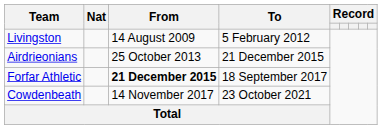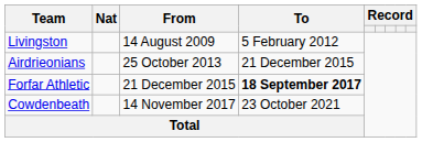 <table class="wikitable" style="text-align: center">
 <tr>
 <th rowspan="2">Team</th>
 <th rowspan="2">Nat</th>
 <th rowspan="2">From</th>
 <th rowspan="2">To</th>
 <th colspan=5>Record</th>
 </tr>
 <tr>
 <th></th>
 <th></th>
 <th></th>
 <th></th>
 <th></th>
 </tr>
 <tr>
 <td align=left><a href='#'>Livingston</a></td>
 <td></td>
 <td align=left>14 August 2009</td>
 <td align=left>5 February 2012<br></td>
 </tr>
 <tr>
 <td align=left><a href='#'>Airdrieonians</a></td>
 <td></td>
 <td align=left>25 October 2013</td>
 <td align=left>21 December 2015<br></td>
 </tr>
 <tr>
 <td align=left><a href='#'>Forfar Athletic</a></td>
 <td></td>
-<td align=left><strong>21 December 2015</strong></td>
-<td align=left>18 September 2017<br></td>
+<td align=left>21 December 2015</td>
+<td align=left><strong>18 September 2017<br></strong></td>
 </tr>
 <tr>
 <td align=left><a href='#'>Cowdenbeath</a></td>
 <td></td>
 <td align=left>14 November 2017</td>
 <td align=left>23 October 2021<br></td>
 </tr>
 <tr>
 <th colspan=4>Total<br></th>
 </tr>
 </table>
